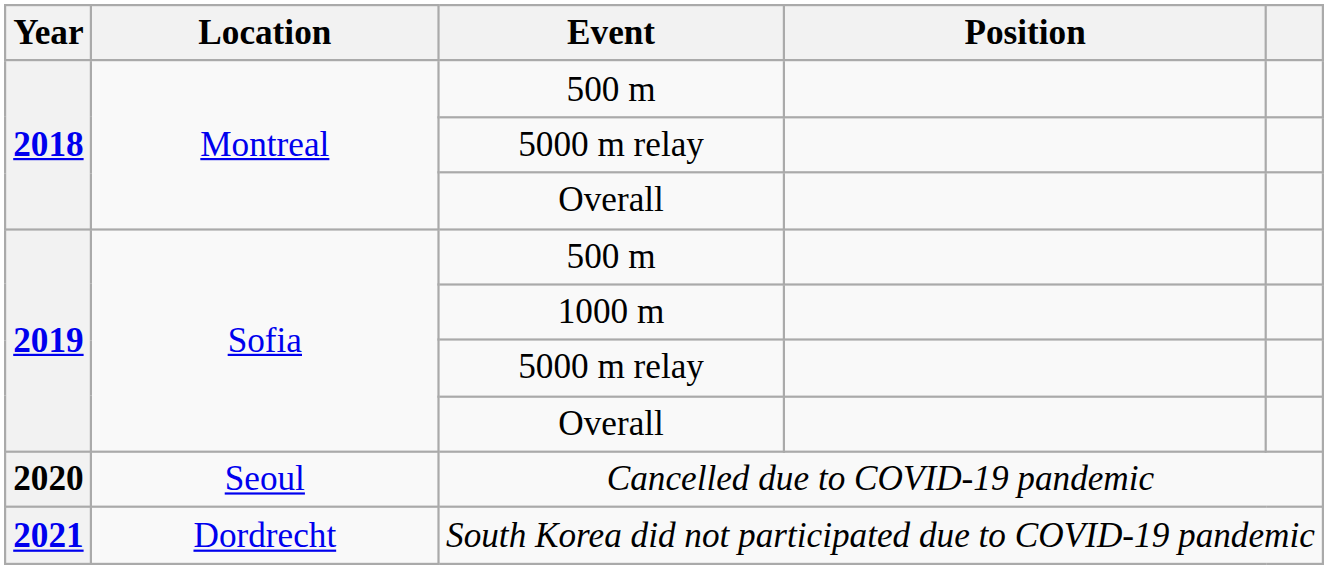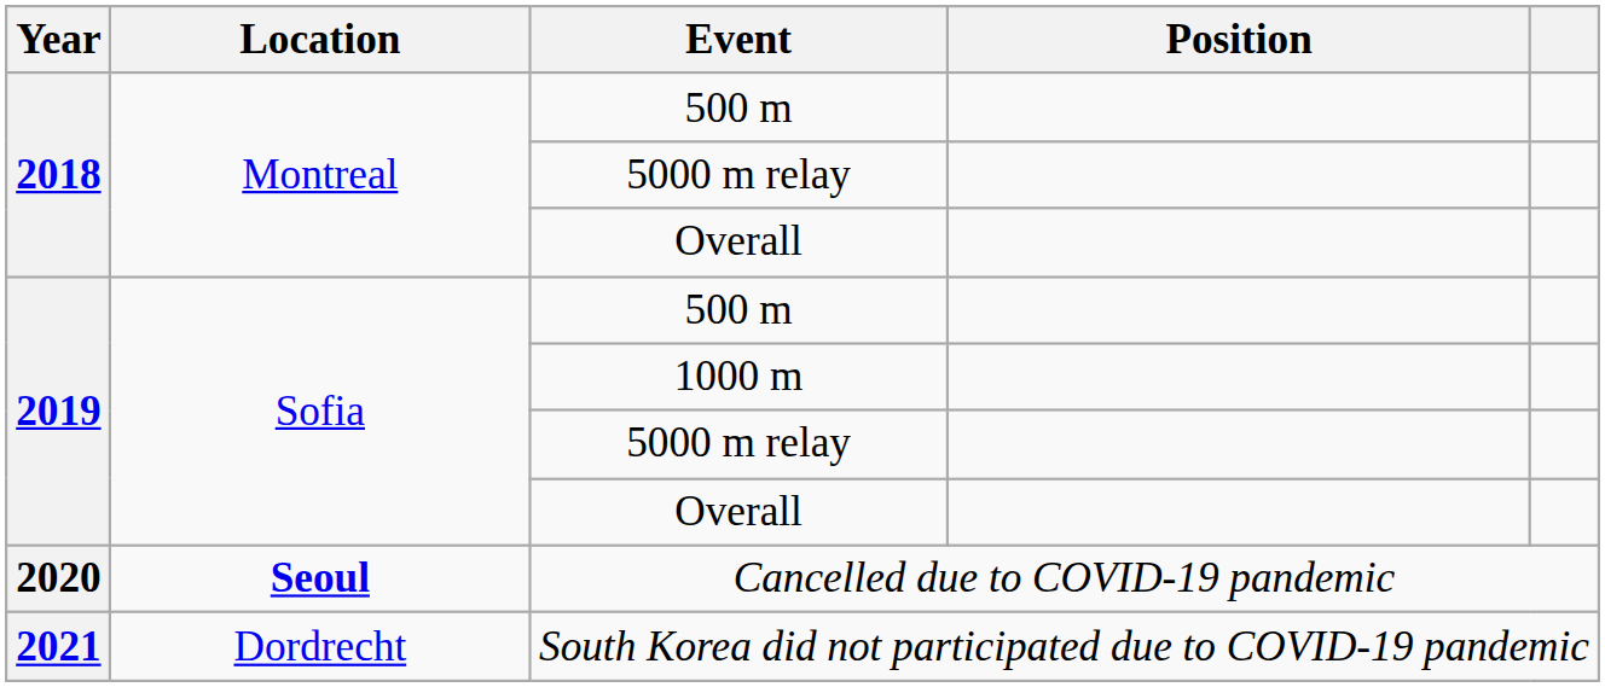 <table class=wikitable sortable plainrowheaders style="text-align: center;">
 <tr>
 <th scope="col">Year</th>
 <th scope="col" width="150">Location</th>
 <th scope="col" width="150">Event</th>
 <th scope="col">Position</th>
 <th scope="col" class="unsortable"></th>
 </tr>
 <tr>
 <th scope="row" rowspan="3"><a href='#'>2018</a></th>
 <td rowspan="3"> <a href='#'>Montreal</a></td>
 <td>500 m</td>
 <td></td>
 <td></td>
 </tr>
 <tr>
 <td>5000 m relay</td>
 <td></td>
 <td></td>
 </tr>
 <tr>
 <td>Overall</td>
 <td></td>
 <td></td>
 </tr>
 <tr>
 <th scope="row" rowspan="4"><a href='#'>2019</a></th>
 <td rowspan="4"> <a href='#'>Sofia</a></td>
 <td>500 m</td>
 <td></td>
 <td></td>
 </tr>
 <tr>
 <td>1000 m</td>
 <td></td>
 <td></td>
 </tr>
 <tr>
 <td>5000 m relay</td>
 <td></td>
 <td></td>
 </tr>
 <tr>
 <td>Overall</td>
 <td></td>
 <td></td>
 </tr>
 <tr>
 <th scope="row">2020</th>
-<td> <a href='#'>Seoul</a></td>
+<td><strong> <a href='#'>Seoul</a></strong></td>
 <td colspan="3"><em>Cancelled due to COVID-19 pandemic</em></td>
 </tr>
 <tr>
 <th scope="row" rowspan="4"><a href='#'>2021</a></th>
 <td rowspan="4"> <a href='#'>Dordrecht</a></td>
 <td colspan="3"><em>South Korea did not participated due to COVID-19 pandemic</em></td>
 </tr>
 </table>
